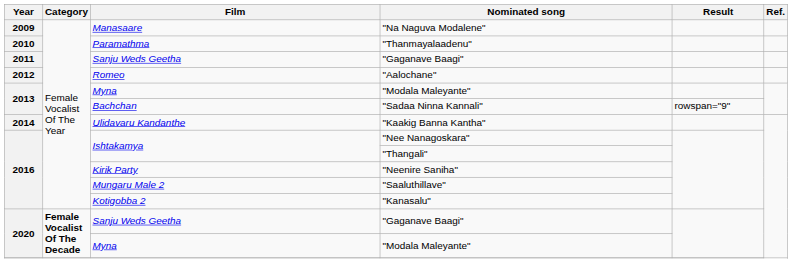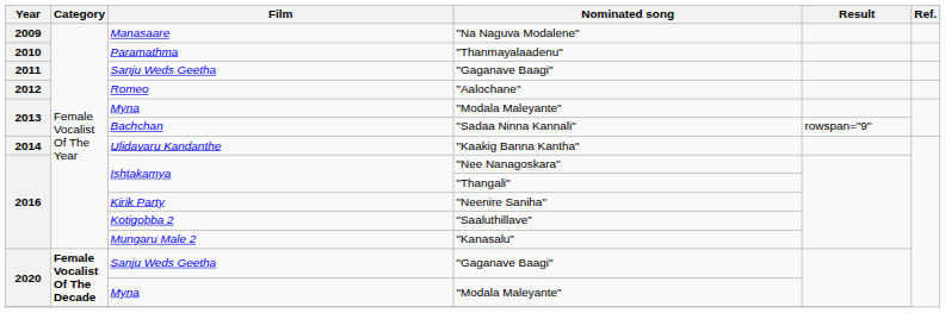 <table class="wikitable plainrowheaders" width="100%" textcolor:#000;">
 <tr>
 <th scope="col" width=5%><strong>Year</strong></th>
 <th scope="col" width=5%><strong>Category</strong></th>
 <th scope="col" width=39%><strong>Film</strong></th>
 <th scope="col" width=39%><strong>Nominated song</strong></th>
 <th scope="col" width=15%><strong>Result</strong></th>
 <th scope="col" width=2%><strong>Ref.</strong></th>
 </tr>
 <tr>
 <th scope="row">2009</th>
 <td rowspan="12">Female Vocalist Of The Year</td>
 <td><em><a href='#'>Manasaare</a></em></td>
 <td>"Na Naguva Modalene"</td>
 <td></td>
 <td></td>
 </tr>
 <tr>
 <th scope="row">2010</th>
 <td><em><a href='#'>Paramathma</a></em></td>
 <td>"Thanmayalaadenu"</td>
 <td></td>
 <td></td>
 </tr>
 <tr>
 <th scope="row">2011</th>
 <td><em><a href='#'>Sanju Weds Geetha</a></em></td>
 <td>"Gaganave Baagi"</td>
 <td></td>
 <td></td>
 </tr>
 <tr>
 <th scope="row">2012</th>
 <td><em><a href='#'>Romeo</a></em></td>
 <td>"Aalochane"</td>
 <td></td>
 <td></td>
 </tr>
 <tr>
 <th scope="row" rowspan="2">2013</th>
 <td><em><a href='#'>Myna</a></em></td>
 <td>"Modala Maleyante"</td>
 <td></td>
 <td rowspan="2"></td>
 </tr>
 <tr>
 <td><em><a href='#'>Bachchan</a></em></td>
 <td>"Sadaa Ninna Kannali"</td>
 <td>rowspan="9" </td>
 </tr>
 <tr>
 <th scope="row">2014</th>
 <td><em><a href='#'>Ulidavaru Kandanthe</a></em></td>
 <td>"Kaakig Banna Kantha"</td>
 <td></td>
 </tr>
 <tr>
 <th scope="row"  rowspan="5">2016</th>
 <td rowspan="2"><em><a href='#'>Ishtakamya</a></em></td>
 <td>"Nee Nanagoskara"</td>
 <td rowspan="5"></td>
 </tr>
 <tr>
 <td>"Thangali"</td>
 </tr>
 <tr>
 <td><em><a href='#'>Kirik Party</a></em></td>
 <td>"Neenire Saniha"</td>
 </tr>
 <tr>
-<td><em><a href='#'>Mungaru Male 2</a></em></td>
+<td><em><a href='#'>Kotigobba 2</a></em></td>
 <td>"Saaluthillave"</td>
 </tr>
 <tr>
-<td><em><a href='#'>Kotigobba 2</a></em></td>
+<td><em><a href='#'>Mungaru Male 2</a></em></td>
 <td>"Kanasalu"</td>
 </tr>
 <tr>
 <th scope="row" rowspan="2">2020</th>
 <td rowspan="2"><strong>Female Vocalist Of The Decade</strong></td>
 <td><em><a href='#'>Sanju Weds Geetha</a></em></td>
 <td>"Gaganave Baagi"</td>
 <td rowspan="2"></td>
 </tr>
 <tr>
 <td><a href='#'><em>Myna</em></a></td>
 <td>"Modala Maleyante"</td>
 </tr>
 <tr>
 </tr>
 </table>
